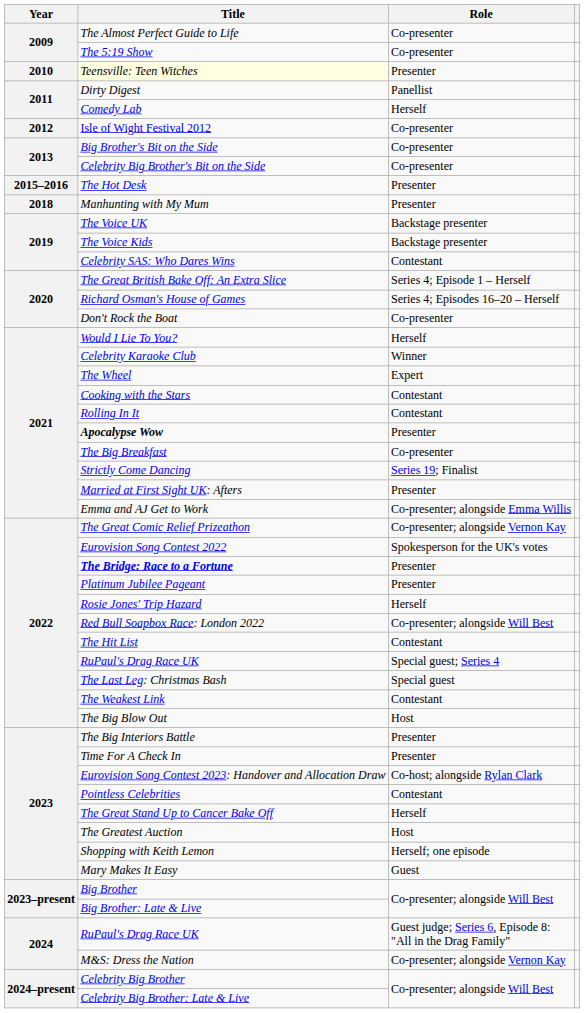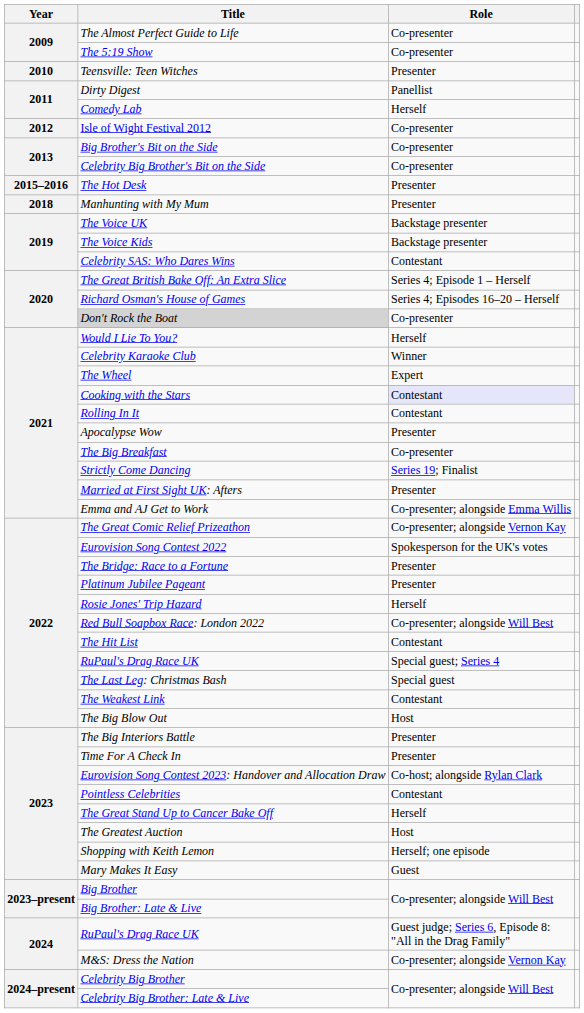 <table class="wikitable plainrowheaders sortable">
 <tr>
 <th scope="col">Year</th>
 <th scope="col">Title</th>
 <th scope="col">Role</th>
 <th scope="col" class="unsortable"></th>
 </tr>
 <tr>
 <th scope="row" rowspan="2">2009</th>
 <td><em>The Almost Perfect Guide to Life</em></td>
 <td>Co-presenter</td>
 <td></td>
 </tr>
 <tr>
 <td><em><a href='#'>The 5:19 Show</a></em></td>
 <td>Co-presenter</td>
 <td></td>
 </tr>
 <tr>
 <th scope="row">2010</th>
-<td style="background: lightyellow;"><em>Teensville: Teen Witches</em></td>
+<td><em>Teensville: Teen Witches</em></td>
 <td>Presenter</td>
 <td></td>
 </tr>
 <tr>
 <th scope="row" rowspan="2">2011</th>
 <td><em>Dirty Digest</em></td>
 <td>Panellist</td>
 <td></td>
 </tr>
 <tr>
 <td><em><a href='#'>Comedy Lab</a></em></td>
 <td>Herself</td>
 <td></td>
 </tr>
 <tr>
 <th scope="row">2012</th>
 <td><a href='#'>Isle of Wight Festival 2012</a></td>
 <td>Co-presenter</td>
 <td></td>
 </tr>
 <tr>
 <th scope="row" rowspan="2">2013</th>
 <td><em><a href='#'>Big Brother's Bit on the Side</a></em></td>
 <td>Co-presenter</td>
 <td></td>
 </tr>
 <tr>
 <td><em><a href='#'>Celebrity Big Brother's Bit on the Side</a></em></td>
 <td>Co-presenter</td>
 <td></td>
 </tr>
 <tr>
 <th scope="row">2015–2016</th>
 <td><em><a href='#'>The Hot Desk</a></em></td>
 <td>Presenter</td>
 <td></td>
 </tr>
 <tr>
 <th scope="row">2018</th>
 <td><em>Manhunting with My Mum</em></td>
 <td>Presenter</td>
 <td></td>
 </tr>
 <tr>
 <th scope="row" rowspan="3">2019</th>
 <td><em><a href='#'>The Voice UK</a></em></td>
 <td>Backstage presenter</td>
 <td></td>
 </tr>
 <tr>
 <td><em><a href='#'>The Voice Kids</a></em></td>
 <td>Backstage presenter</td>
 <td></td>
 </tr>
 <tr>
 <td><em><a href='#'>Celebrity SAS: Who Dares Wins</a></em></td>
 <td>Contestant</td>
 <td></td>
 </tr>
 <tr>
 <th scope="row" rowspan="3">2020</th>
 <td><em><a href='#'>The Great British Bake Off: An Extra Slice</a></em></td>
 <td>Series 4; Episode 1 – Herself</td>
 <td></td>
 </tr>
 <tr>
 <td><em><a href='#'>Richard Osman's House of Games</a></em></td>
 <td>Series 4; Episodes 16–20 – Herself</td>
 <td></td>
 </tr>
 <tr>
-<td><em>Don't Rock the Boat</em></td>
+<td style="background: lightgrey;"><em>Don't Rock the Boat</em></td>
 <td>Co-presenter</td>
 <td></td>
 </tr>
 <tr>
 <th scope="row" rowspan="10">2021</th>
 <td><em><a href='#'>Would I Lie To You?</a></em></td>
 <td>Herself</td>
 <td></td>
 </tr>
 <tr>
 <td><em><a href='#'>Celebrity Karaoke Club</a></em></td>
 <td>Winner</td>
 <td></td>
 </tr>
 <tr>
 <td><em><a href='#'>The Wheel</a></em></td>
 <td>Expert</td>
 <td></td>
 </tr>
 <tr>
 <td><em><a href='#'>Cooking with the Stars</a></em></td>
-<td>Contestant</td>
+<td style="background: lavender;">Contestant</td>
 <td></td>
 </tr>
 <tr>
 <td><em><a href='#'>Rolling In It</a></em></td>
 <td>Contestant</td>
 <td></td>
 </tr>
 <tr>
-<td><strong><em>Apocalypse Wow</em></strong></td>
+<td><em>Apocalypse Wow</em></td>
 <td>Presenter</td>
 <td></td>
 </tr>
 <tr>
 <td><em><a href='#'>The Big Breakfast</a></em></td>
 <td>Co-presenter</td>
 <td></td>
 </tr>
 <tr>
 <td><em><a href='#'>Strictly Come Dancing</a></em></td>
 <td><a href='#'>Series 19</a>; Finalist</td>
 <td></td>
 </tr>
 <tr>
 <td><em><a href='#'>Married at First Sight UK</a>: Afters</em></td>
 <td>Presenter</td>
 <td></td>
 </tr>
 <tr>
 <td><em>Emma and AJ Get to Work</em></td>
 <td>Co-presenter; alongside <a href='#'>Emma Willis</a></td>
 <td></td>
 </tr>
 <tr>
 <th rowspan="11" scope="row">2022</th>
 <td><a href='#'><em>The Great Comic Relief Prizeathon</em></a></td>
 <td>Co-presenter; alongside <a href='#'>Vernon Kay</a></td>
 <td></td>
 </tr>
 <tr>
 <td><em><a href='#'>Eurovision Song Contest 2022</a></em></td>
 <td>Spokesperson for the UK's votes</td>
 <td></td>
 </tr>
 <tr>
-<td><strong><em><a href='#'>The Bridge: Race to a Fortune</a></em></strong></td>
+<td><em><a href='#'>The Bridge: Race to a Fortune</a></em></td>
 <td>Presenter</td>
 <td></td>
 </tr>
 <tr>
 <td><em> <a href='#'>Platinum Jubilee Pageant</a></em></td>
 <td>Presenter</td>
 <td></td>
 </tr>
 <tr>
 <td><em><a href='#'>Rosie Jones' Trip Hazard</a></em></td>
 <td>Herself</td>
 <td></td>
 </tr>
 <tr>
 <td><em><a href='#'>Red Bull Soapbox Race</a>: London 2022</em></td>
 <td>Co-presenter; alongside <a href='#'>Will Best</a></td>
 <td></td>
 </tr>
 <tr>
 <td><em><a href='#'>The Hit List</a></em></td>
 <td>Contestant</td>
 <td></td>
 </tr>
 <tr>
 <td><em><a href='#'>RuPaul's Drag Race UK</a></em></td>
 <td>Special guest; <a href='#'>Series 4</a></td>
 <td></td>
 </tr>
 <tr>
 <td><em><a href='#'>The Last Leg</a>: Christmas Bash</em></td>
 <td>Special guest</td>
 <td></td>
 </tr>
 <tr>
 <td><em><a href='#'>The Weakest Link</a></em></td>
 <td>Contestant</td>
 <td></td>
 </tr>
 <tr>
 <td><em>The Big Blow Out</em></td>
 <td>Host</td>
 <td></td>
 </tr>
 <tr>
 <th scope="row" rowspan="8">2023</th>
 <td><em>The Big Interiors Battle</em></td>
 <td>Presenter</td>
 <td></td>
 </tr>
 <tr>
 <td><em>Time For A Check In</em></td>
 <td>Presenter</td>
 <td></td>
 </tr>
 <tr>
 <td><em><a href='#'>Eurovision Song Contest 2023</a>: Handover and Allocation Draw</em></td>
 <td>Co-host; alongside <a href='#'>Rylan Clark</a></td>
 <td></td>
 </tr>
 <tr>
 <td><em><a href='#'>Pointless Celebrities</a></em></td>
 <td>Contestant</td>
 <td></td>
 </tr>
 <tr>
 <td><em><a href='#'>The Great Stand Up to Cancer Bake Off</a></em></td>
 <td>Herself</td>
 <td></td>
 </tr>
 <tr>
 <td><em>The Greatest Auction</em></td>
 <td>Host</td>
 <td></td>
 </tr>
 <tr>
 <td><em>Shopping with Keith Lemon</em></td>
 <td>Herself; one episode</td>
 <td></td>
 </tr>
 <tr>
 <td><em>Mary Makes It Easy</em></td>
 <td>Guest</td>
 <td></td>
 </tr>
 <tr>
 <th scope="row" rowspan="2">2023–present</th>
 <td><em><a href='#'>Big Brother</a></em></td>
 <td rowspan="2">Co-presenter; alongside <a href='#'>Will Best</a></td>
 <td rowspan="2"></td>
 </tr>
 <tr>
 <td><em><a href='#'>Big Brother: Late & Live</a></em></td>
 </tr>
 <tr>
 <th scope="row" rowspan="2">2024</th>
 <td><em><a href='#'>RuPaul's Drag Race UK</a></em></td>
 <td>Guest judge; <a href='#'>Series 6</a>, Episode 8:<br>"All in the Drag Family"</td>
 <td></td>
 </tr>
 <tr>
 <td><em>M&S: Dress the Nation</em></td>
 <td>Co-presenter; alongside <a href='#'>Vernon Kay</a></td>
 <td></td>
 </tr>
 <tr>
 <th scope="row" rowspan="2">2024–present</th>
 <td><em><a href='#'>Celebrity Big Brother</a></em></td>
 <td rowspan="2">Co-presenter; alongside <a href='#'>Will Best</a></td>
 <td rowspan="2"></td>
 </tr>
 <tr>
 <td><em><a href='#'>Celebrity Big Brother: Late & Live</a></em></td>
 </tr>
 </table>
